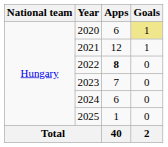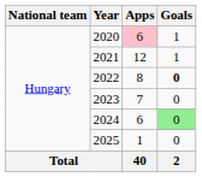 <table class="wikitable" style="text-align:center">
 <tr>
 <th>National team</th>
 <th>Year</th>
 <th>Apps</th>
 <th>Goals</th>
 </tr>
 <tr>
 <td rowspan="6"><a href='#'>Hungary</a></td>
 <td>2020</td>
-<td>6</td>
-<td style="background: khaki;">1</td>
+<td style="background: pink;">6</td>
+<td>1</td>
 </tr>
 <tr>
 <td>2021</td>
 <td>12</td>
 <td>1</td>
 </tr>
 <tr>
 <td>2022</td>
-<td><strong>8</strong></td>
-<td>0</td>
+<td>8</td>
+<td><strong>0</strong></td>
 </tr>
 <tr>
 <td>2023</td>
 <td>7</td>
 <td>0</td>
 </tr>
 <tr>
 <td>2024</td>
 <td>6</td>
-<td>0</td>
+<td style="background: lightgreen;">0</td>
 </tr>
 <tr>
 <td>2025</td>
 <td>1</td>
 <td>0</td>
 </tr>
 <tr>
 <th colspan="2">Total</th>
 <th>40</th>
 <th>2</th>
 </tr>
 </table>
